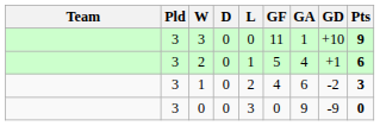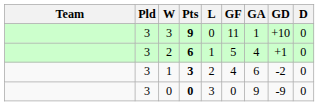 <table class="wikitable" style="text-align: center;">
 <tr>
 <th width=165>Team</th>
 <th width=20>Pld</th>
 <th width=20>W</th>
-<th width=20>D</th>
+<th width=20>Pts</th>
 <th width=20>L</th>
 <th width=20>GF</th>
 <th width=20>GA</th>
 <th width=20>GD</th>
-<th width=20>Pts</th>
+<th width=20>D</th>
 </tr>
 <tr bgcolor=ccffcc>
 <td align="left"></td>
 <td>3</td>
 <td>3</td>
-<td>0</td>
+<td><strong>9</strong></td>
 <td>0</td>
 <td>11</td>
 <td>1</td>
 <td>+10</td>
-<td><strong>9</strong></td>
+<td>0</td>
 </tr>
 <tr bgcolor=ccffcc>
 <td align="left"></td>
 <td>3</td>
 <td>2</td>
-<td>0</td>
+<td><strong>6</strong></td>
 <td>1</td>
 <td>5</td>
 <td>4</td>
 <td>+1</td>
-<td><strong>6</strong></td>
+<td>0</td>
 </tr>
 <tr>
 <td align="left"></td>
 <td>3</td>
 <td>1</td>
-<td>0</td>
+<td><strong>3</strong></td>
 <td>2</td>
 <td>4</td>
 <td>6</td>
 <td>-2</td>
-<td><strong>3</strong></td>
+<td>0</td>
 </tr>
 <tr>
 <td align="left"></td>
 <td>3</td>
 <td>0</td>
-<td>0</td>
+<td><strong>0</strong></td>
 <td>3</td>
 <td>0</td>
 <td>9</td>
 <td>-9</td>
-<td><strong>0</strong></td>
+<td>0</td>
 </tr>
 </table>
